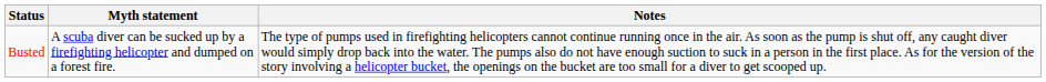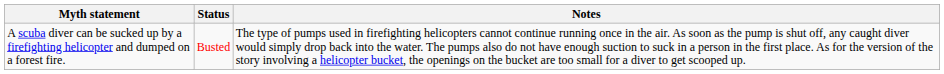 <table class="wikitable plainrowheaders">
 <tr>
+<th>Myth statement</th>
 <th>Status</th>
-<th>Myth statement</th>
 <th>Notes</th>
 </tr>
 <tr>
+<td>A <a href='#'>scuba</a> diver can be sucked up by a <a href='#'>firefighting helicopter</a> and dumped on a forest fire.</td>
 <td style="color:red">Busted</td>
-<td>A <a href='#'>scuba</a> diver can be sucked up by a <a href='#'>firefighting helicopter</a> and dumped on a forest fire.</td>
 <td>The type of pumps used in firefighting helicopters cannot continue running once in the air. As soon as the pump is shut off, any caught diver would simply drop back into the water. The pumps also do not have enough suction to suck in a person in the first place. As for the version of the story involving a <a href='#'>helicopter bucket</a>, the openings on the bucket are too small for a diver to get scooped up.</td>
 </tr>
 </table>
